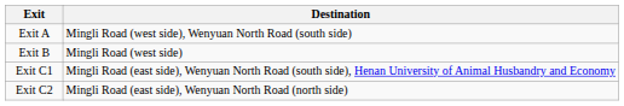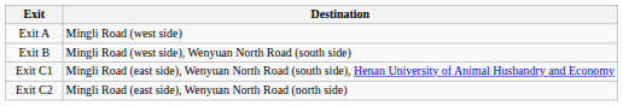 <table class="wikitable">
 <tr>
 <th style="width:70px" colspan="2">Exit</th>
 <th>Destination</th>
 </tr>
 <tr>
 <td align="center" colspan="2">Exit A</td>
-<td>Mingli Road (west side), Wenyuan North Road (south side)</td>
+<td>Mingli Road (west side)</td>
 </tr>
 <tr>
 <td align="center" colspan="2">Exit B</td>
-<td>Mingli Road (west side)</td>
+<td>Mingli Road (west side), Wenyuan North Road (south side)</td>
 </tr>
 <tr>
 <td align="center" colspan="2">Exit C1</td>
 <td>Mingli Road (east side), Wenyuan North Road (south side), <a href='#'>Henan University of Animal Husbandry and Economy</a></td>
 </tr>
 <tr>
 <td align="center" colspan="2">Exit C2</td>
 <td>Mingli Road (east side), Wenyuan North Road (north side)</td>
 </tr>
 </table>
